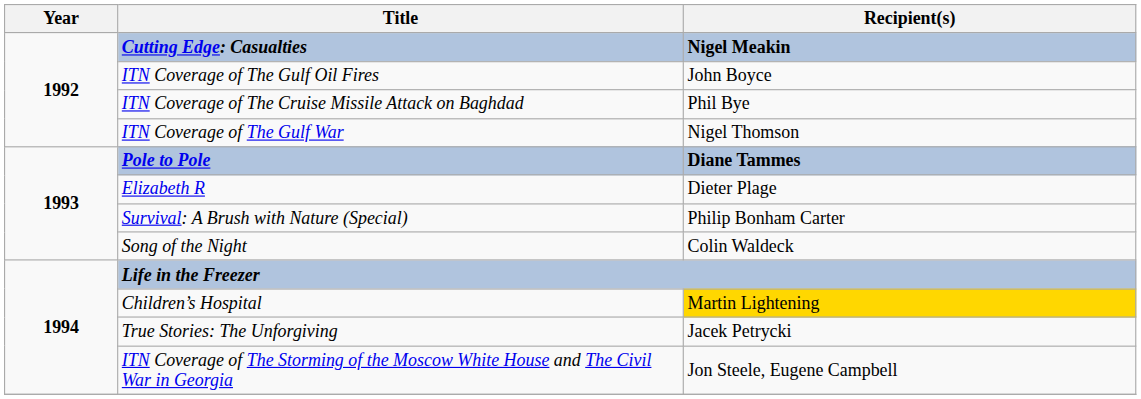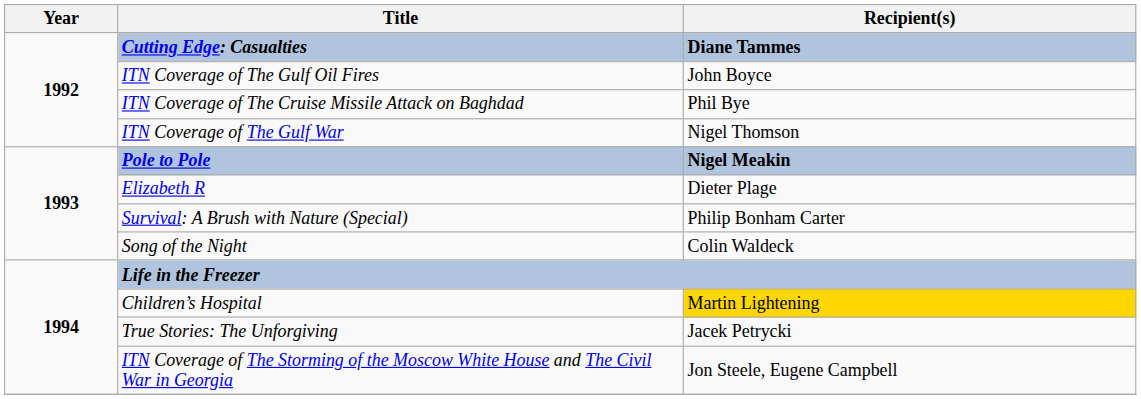 <table class="wikitable" width="80%">
 <tr>
 <th width=5%>Year</th>
 <th width=25%><strong>Title</strong></th>
 <th width=20%><strong>Recipient(s)</strong></th>
 </tr>
 <tr>
 <td rowspan="4" style="text-align:center;"><strong>1992</strong></td>
 <td style="background:#B0C4DE;"><strong><em><a href='#'>Cutting Edge</a>: Casualties</em></strong></td>
-<td style="background:#B0C4DE;"><strong>Nigel Meakin</strong></td>
+<td style="background:#B0C4DE;"><strong>Diane Tammes</strong></td>
 </tr>
 <tr>
 <td><em><a href='#'>ITN</a> Coverage of The Gulf Oil Fires</em></td>
 <td>John Boyce</td>
 </tr>
 <tr>
 <td><em><a href='#'>ITN</a> Coverage of The Cruise Missile Attack on Baghdad</em></td>
 <td>Phil Bye</td>
 </tr>
 <tr>
 <td><em><a href='#'>ITN</a> Coverage of <a href='#'>The Gulf War</a></em></td>
 <td>Nigel Thomson</td>
 </tr>
 <tr>
 <td rowspan="4" style="text-align:center;"><strong>1993</strong></td>
 <td style="background:#B0C4DE;"><strong><em><a href='#'>Pole to Pole</a></em></strong></td>
-<td style="background:#B0C4DE;"><strong>Diane Tammes</strong></td>
+<td style="background:#B0C4DE;"><strong>Nigel Meakin</strong></td>
 </tr>
 <tr>
 <td><em><a href='#'>Elizabeth R</a></em></td>
 <td>Dieter Plage</td>
 </tr>
 <tr>
 <td><em><a href='#'>Survival</a>: A Brush with Nature (Special)</em></td>
 <td>Philip Bonham Carter</td>
 </tr>
 <tr>
 <td><em>Song of the Night</em></td>
 <td>Colin Waldeck</td>
 </tr>
 <tr>
 <td rowspan="4" style="text-align:center;"><strong>1994</strong></td>
 <td colspan="2" style="background:#B0C4DE;"><strong><em>Life in the Freezer</em></strong></td>
 </tr>
 <tr>
 <td><em>Children’s Hospital</em></td>
 <td style="background: gold;">Martin Lightening</td>
 </tr>
 <tr>
 <td><em>True Stories: The Unforgiving</em></td>
 <td>Jacek Petrycki</td>
 </tr>
 <tr>
 <td><em><a href='#'>ITN</a> Coverage of <a href='#'>The Storming of the Moscow White House</a> and <a href='#'>The Civil War in Georgia</a></em></td>
 <td>Jon Steele, Eugene Campbell</td>
 </tr>
 <tr>
 </tr>
 </table>
